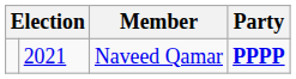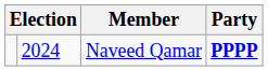 <table class="wikitable">
 <tr>
 <th colspan="2">Election</th>
 <th>Member</th>
 <th>Party</th>
 </tr>
 <tr>
 <td style="background-color: "></td>
-<td><a href='#'>2021</a></td>
+<td><a href='#'>2024</a></td>
 <td><a href='#'>Naveed Qamar</a></td>
 <td><strong><a href='#'>PPPP</a></strong></td>
 </tr>
 </table>
